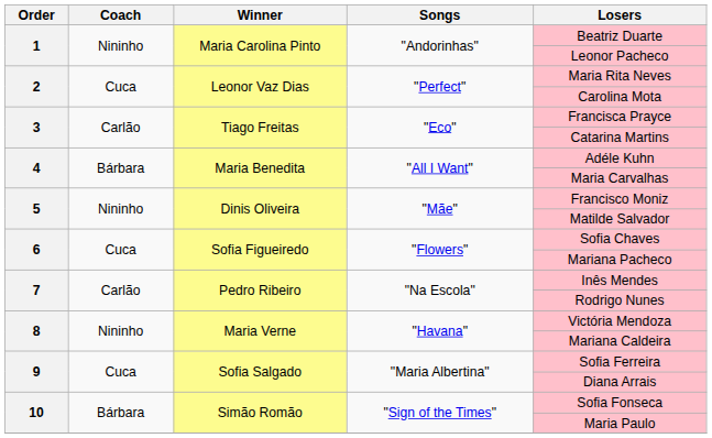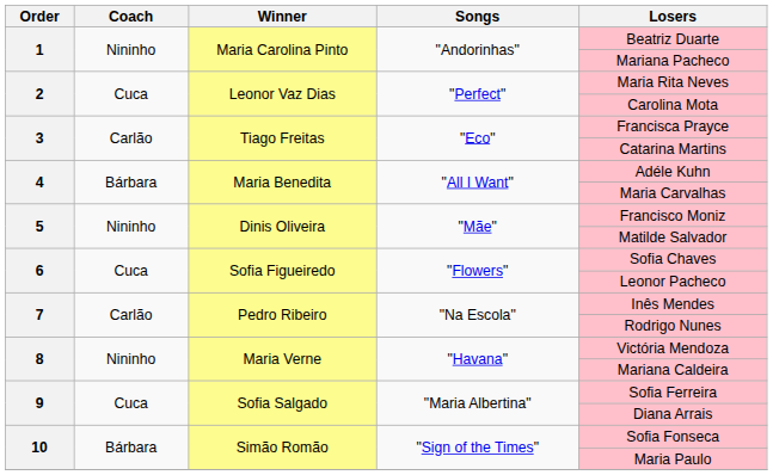 <table class="wikitable" style="text-align:center; line-height:17px; width:95%">
 <tr>
 <th width="02%">Order</th>
 <th width="05%">Coach</th>
 <th width="10%">Winner</th>
 <th width="10%">Songs</th>
 <th width="10%">Losers</th>
 </tr>
 <tr>
 <th rowspan="2">1</th>
 <td rowspan="2">Nininho</td>
 <td rowspan="2" style="background:#fdfc8f">Maria Carolina Pinto</td>
 <td rowspan="2">"Andorinhas"</td>
 <td style="background:pink">Beatriz Duarte</td>
 </tr>
 <tr>
-<td style="background:pink">Leonor Pacheco</td>
+<td style="background:pink">Mariana Pacheco</td>
 </tr>
 <tr>
 <th rowspan="2">2</th>
 <td rowspan="2">Cuca</td>
 <td rowspan="2" style="background:#fdfc8f">Leonor Vaz Dias</td>
 <td rowspan="2">"<a href='#'>Perfect</a>"</td>
 <td style="background:pink">Maria Rita Neves</td>
 </tr>
 <tr>
 <td style="background:pink">Carolina Mota</td>
 </tr>
 <tr>
 <th rowspan="2">3</th>
 <td rowspan="2">Carlão</td>
 <td rowspan="2" style="background:#fdfc8f">Tiago Freitas</td>
 <td rowspan="2">"<a href='#'>Eco</a>"</td>
 <td style="background:pink">Francisca Prayce</td>
 </tr>
 <tr>
 <td style="background:pink">Catarina Martins</td>
 </tr>
 <tr>
 <th rowspan="2">4</th>
 <td rowspan="2">Bárbara</td>
 <td rowspan="2" style="background:#fdfc8f">Maria Benedita</td>
 <td rowspan="2">"<a href='#'>All I Want</a>"</td>
 <td style="background:pink">Adéle Kuhn</td>
 </tr>
 <tr>
 <td style="background:pink">Maria Carvalhas</td>
 </tr>
 <tr>
 <th rowspan="2">5</th>
 <td rowspan="2">Nininho</td>
 <td rowspan="2" style="background:#fdfc8f">Dinis Oliveira</td>
 <td rowspan="2">"<a href='#'>Mãe</a>"</td>
 <td style="background:pink">Francisco Moniz</td>
 </tr>
 <tr>
 <td style="background:pink">Matilde Salvador</td>
 </tr>
 <tr>
 <th rowspan="2">6</th>
 <td rowspan="2">Cuca</td>
 <td rowspan="2" style="background:#fdfc8f">Sofia Figueiredo</td>
 <td rowspan="2">"<a href='#'>Flowers</a>"</td>
 <td style="background:pink">Sofia Chaves</td>
 </tr>
 <tr>
-<td style="background:pink">Mariana Pacheco</td>
+<td style="background:pink">Leonor Pacheco</td>
 </tr>
 <tr>
 <th rowspan="2">7</th>
 <td rowspan="2">Carlão</td>
 <td rowspan="2" style="background:#fdfc8f">Pedro Ribeiro</td>
 <td rowspan="2">"Na Escola"</td>
 <td style="background:pink">Inês Mendes</td>
 </tr>
 <tr>
 <td style="background:pink">Rodrigo Nunes</td>
 </tr>
 <tr>
 <th rowspan="2">8</th>
 <td rowspan="2">Nininho</td>
 <td rowspan="2" style="background:#fdfc8f">Maria Verne</td>
 <td rowspan="2">"<a href='#'>Havana</a>"</td>
 <td style="background:pink">Victória Mendoza</td>
 </tr>
 <tr>
 <td style="background:pink">Mariana Caldeira</td>
 </tr>
 <tr>
 <th rowspan="2">9</th>
 <td rowspan="2">Cuca</td>
 <td rowspan="2" style="background:#fdfc8f">Sofia Salgado</td>
 <td rowspan="2">"Maria Albertina"</td>
 <td style="background:pink">Sofia Ferreira</td>
 </tr>
 <tr>
 <td style="background:pink">Diana Arrais</td>
 </tr>
 <tr>
 <th rowspan="2">10</th>
 <td rowspan="2">Bárbara</td>
 <td rowspan="2" style="background:#fdfc8f">Simão Romão</td>
 <td rowspan="2">"<a href='#'>Sign of the Times</a>"</td>
 <td style="background:pink">Sofia Fonseca</td>
 </tr>
 <tr>
 <td style="background:pink">Maria Paulo</td>
 </tr>
 <tr>
 </tr>
 </table>
